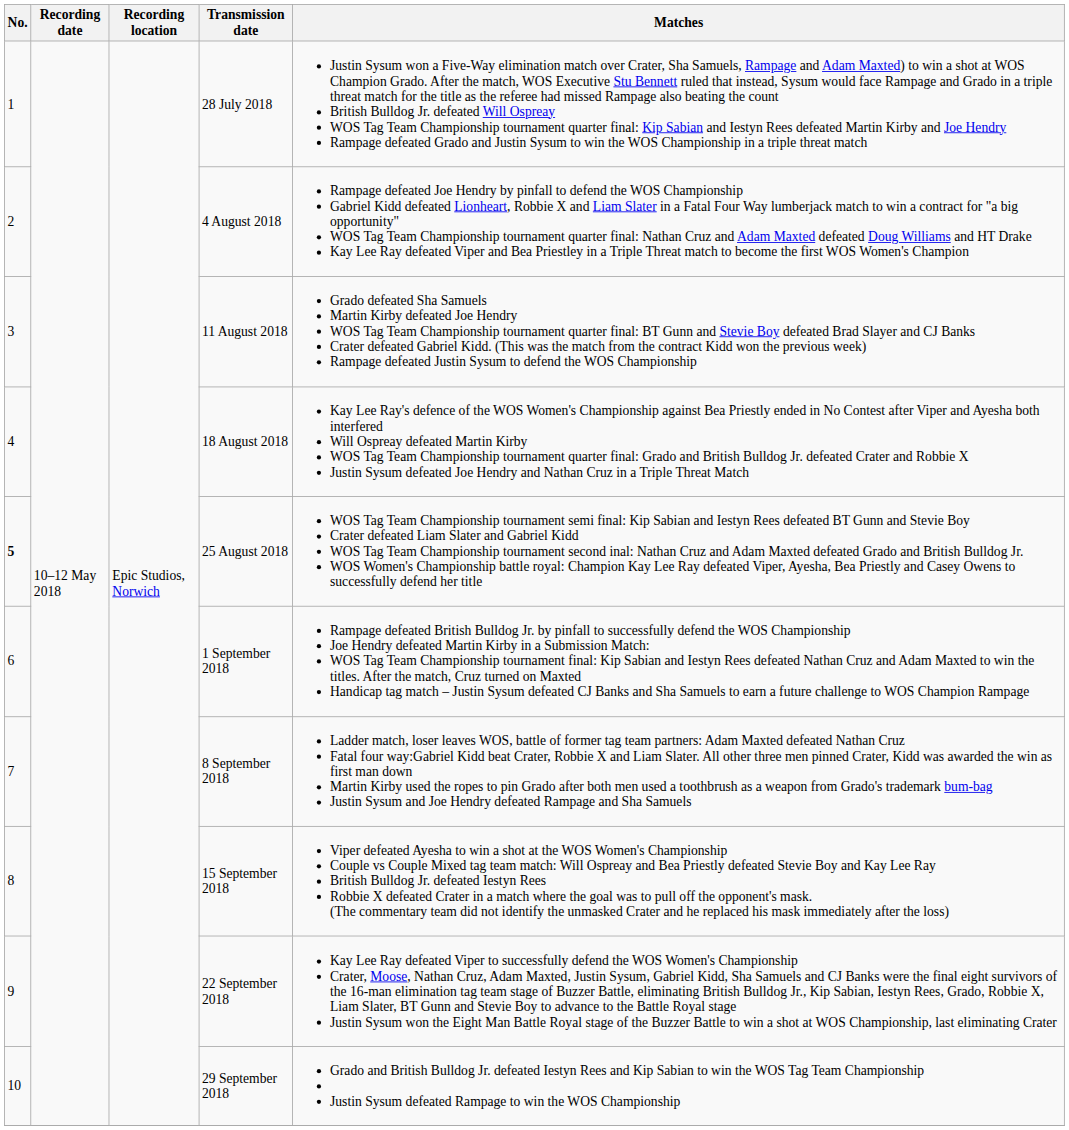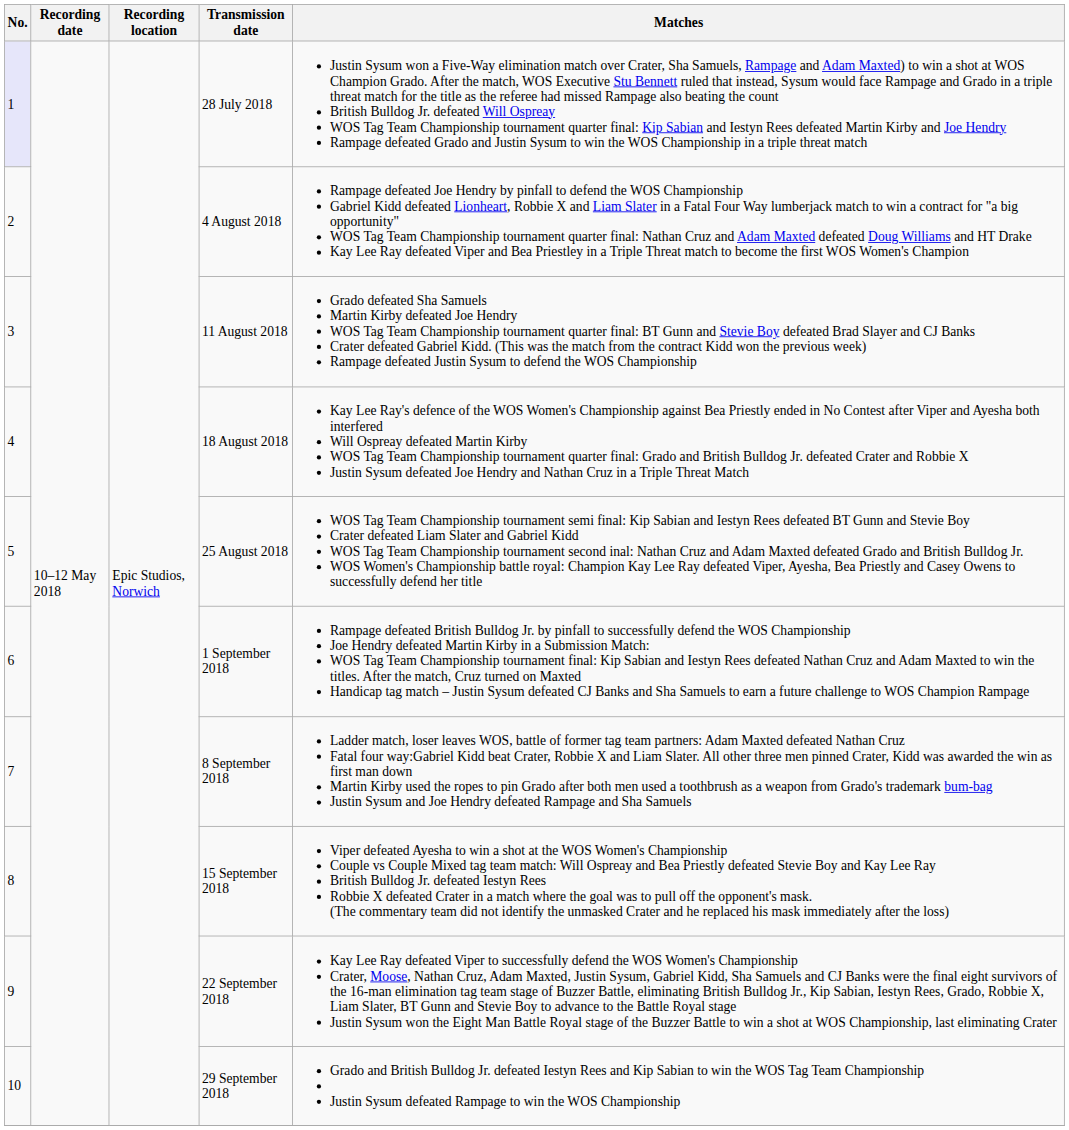 <table class="wikitable sortable">
 <tr>
 <th>No.</th>
 <th>Recording date</th>
 <th>Recording location</th>
 <th>Transmission date</th>
 <th>Matches</th>
 </tr>
 <tr>
-<td>1</td>
+<td style="background: lavender;">1</td>
 <td rowspan="10">10–12 May 2018</td>
 <td rowspan="10">Epic Studios, <a href='#'>Norwich</a></td>
 <td>28 July 2018</td>
 <td><ul><li>Justin Sysum won a Five-Way elimination match over Crater, Sha Samuels, <a href='#'>Rampage</a> and <a href='#'>Adam Maxted</a>) to win a shot at WOS Champion Grado. After the match, WOS Executive <a href='#'>Stu Bennett</a> ruled that instead, Sysum would face Rampage and Grado in a triple threat match for the title as the referee had missed Rampage also beating the count</li><li> British Bulldog Jr. defeated <a href='#'>Will Ospreay</a></li><li> WOS Tag Team Championship tournament quarter final: <a href='#'>Kip Sabian</a> and Iestyn Rees defeated Martin Kirby and <a href='#'>Joe Hendry</a></li><li> Rampage defeated Grado and Justin Sysum to win the WOS Championship in a triple threat match</li></ul></td>
 </tr>
 <tr>
 <td>2</td>
 <td>4 August 2018</td>
 <td><ul><li>Rampage defeated Joe Hendry by pinfall to defend the WOS Championship</li><li>Gabriel Kidd defeated <a href='#'>Lionheart</a>, Robbie X and <a href='#'>Liam Slater</a> in a Fatal Four Way lumberjack match to win a contract for "a big opportunity"</li><li>WOS Tag Team Championship tournament quarter final: Nathan Cruz and <a href='#'>Adam Maxted</a> defeated <a href='#'>Doug Williams</a> and HT Drake</li><li>Kay Lee Ray defeated Viper and Bea Priestley in a Triple Threat match to become the first WOS Women's Champion</li></ul></td>
 </tr>
 <tr>
 <td>3</td>
 <td>11 August 2018</td>
 <td><ul><li>Grado defeated Sha Samuels</li><li>Martin Kirby defeated Joe Hendry</li><li>WOS Tag Team Championship tournament quarter final: BT Gunn and <a href='#'>Stevie Boy</a> defeated Brad Slayer and CJ Banks</li><li>Crater defeated Gabriel Kidd. (This was the match from the contract Kidd won the previous week)</li> <li>Rampage defeated Justin Sysum to defend the WOS Championship</li></ul></td>
 </tr>
 <tr>
 <td>4</td>
 <td>18 August 2018</td>
 <td><ul><li>Kay Lee Ray's defence of the WOS Women's Championship against Bea Priestly ended in No Contest after Viper and Ayesha both interfered</li><li>Will Ospreay defeated Martin Kirby</li><li>WOS Tag Team Championship tournament quarter final: Grado and British Bulldog Jr. defeated Crater and Robbie X </li><li>Justin Sysum defeated Joe Hendry and Nathan Cruz in a Triple Threat Match</li></ul></td>
 </tr>
 <tr>
-<td><strong>5</strong></td>
+<td>5</td>
 <td>25 August 2018</td>
 <td><ul><li>WOS Tag Team Championship tournament semi final: Kip Sabian and Iestyn Rees defeated BT Gunn and Stevie Boy</li><li>Crater defeated Liam Slater and Gabriel Kidd</li><li>WOS Tag Team Championship tournament second inal: Nathan Cruz and Adam Maxted defeated Grado and British Bulldog Jr.</li><li>WOS Women's Championship battle royal: Champion Kay Lee Ray defeated Viper, Ayesha, Bea Priestly and Casey Owens to successfully defend her title</li></ul></td>
 </tr>
 <tr>
 <td>6</td>
 <td>1 September 2018</td>
 <td><ul><li>Rampage defeated British Bulldog Jr. by pinfall to successfully defend the WOS Championship</li><li>Joe Hendry defeated Martin Kirby in a Submission Match: </li><li>WOS Tag Team Championship tournament final: Kip Sabian and Iestyn Rees defeated Nathan Cruz and Adam Maxted to win the titles. After the match, Cruz turned on Maxted</li><li>Handicap tag match – Justin Sysum defeated CJ Banks and Sha Samuels to earn a future challenge to WOS Champion Rampage</li></ul></td>
 </tr>
 <tr>
 <td>7</td>
 <td>8 September 2018</td>
 <td><ul><li>Ladder match, loser leaves WOS, battle of former tag team partners: Adam Maxted defeated Nathan Cruz</li><li>Fatal four way:Gabriel Kidd beat Crater, Robbie X and Liam Slater. All other three men pinned Crater, Kidd was awarded the win as first man down</li><li>Martin Kirby used the ropes to pin Grado after both men used a toothbrush as a weapon from Grado's trademark <a href='#'>bum-bag</a></li><li>Justin Sysum and Joe Hendry defeated Rampage and Sha Samuels</li></ul></td>
 </tr>
 <tr>
 <td>8</td>
 <td>15 September 2018</td>
 <td><ul><li>Viper defeated Ayesha to win a shot at the WOS Women's Championship</li><li>Couple vs Couple Mixed tag team match: Will Ospreay and Bea Priestly defeated Stevie Boy and Kay Lee Ray</li><li>British Bulldog Jr. defeated Iestyn Rees</li><li>Robbie X defeated Crater in a match where the goal was to pull off the opponent's mask. <br>(The commentary team did not identify the unmasked Crater and he replaced his mask immediately after the loss)</li></ul></td>
 </tr>
 <tr>
 <td>9</td>
 <td>22 September 2018</td>
 <td><ul><li>Kay Lee Ray defeated Viper to successfully defend the WOS Women's Championship </li><li>Crater, <a href='#'>Moose</a>, Nathan Cruz, Adam Maxted, Justin Sysum, Gabriel Kidd, Sha Samuels and CJ Banks were the final eight survivors of the 16-man elimination tag team stage of Buzzer Battle, eliminating British Bulldog Jr., Kip Sabian, Iestyn Rees, Grado, Robbie X, Liam Slater, BT Gunn and Stevie Boy to advance to the Battle Royal stage</li><li>Justin Sysum won the Eight Man Battle Royal stage of the Buzzer Battle to win a shot at WOS Championship, last eliminating Crater</li></ul></td>
 </tr>
 <tr>
 <td>10</td>
 <td>29 September 2018</td>
 <td><ul><li>Grado and British Bulldog Jr. defeated Iestyn Rees and Kip Sabian to win the WOS Tag Team Championship<li><li>Justin Sysum defeated Rampage to win the WOS Championship</li></ul></td>
 </tr>
 <tr>
 </tr>
 </table>
